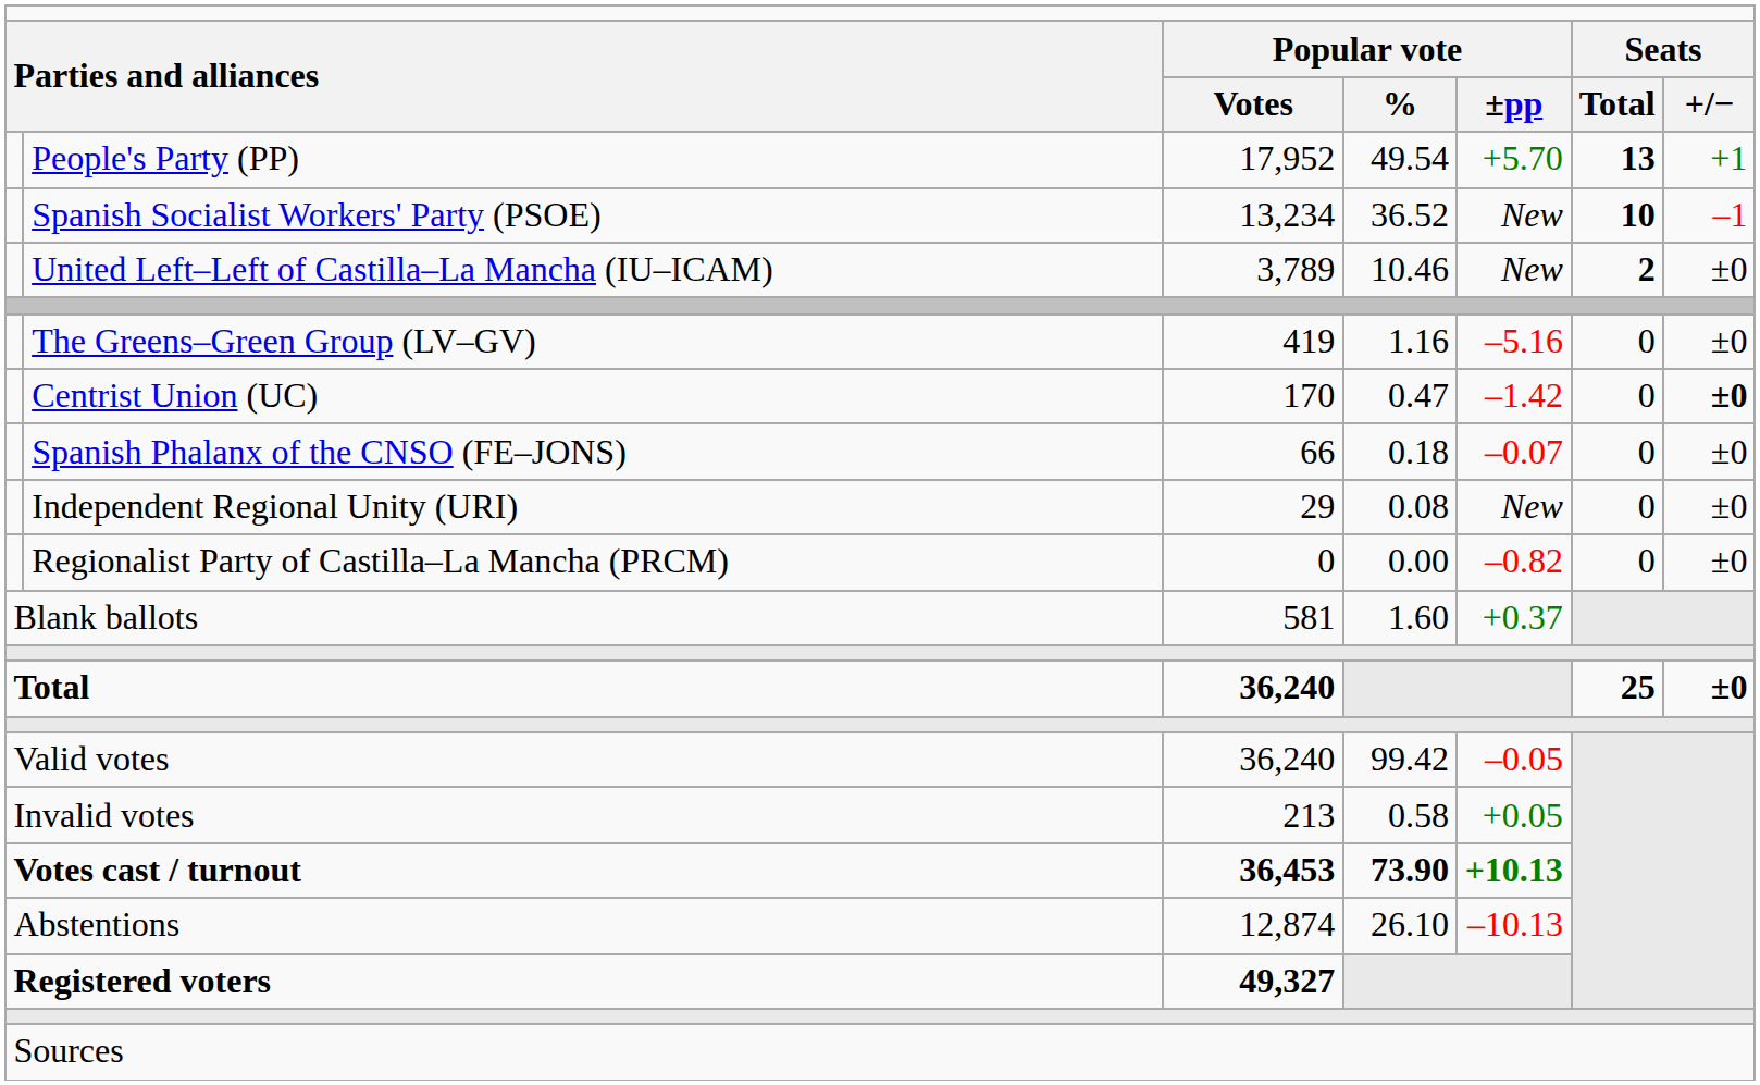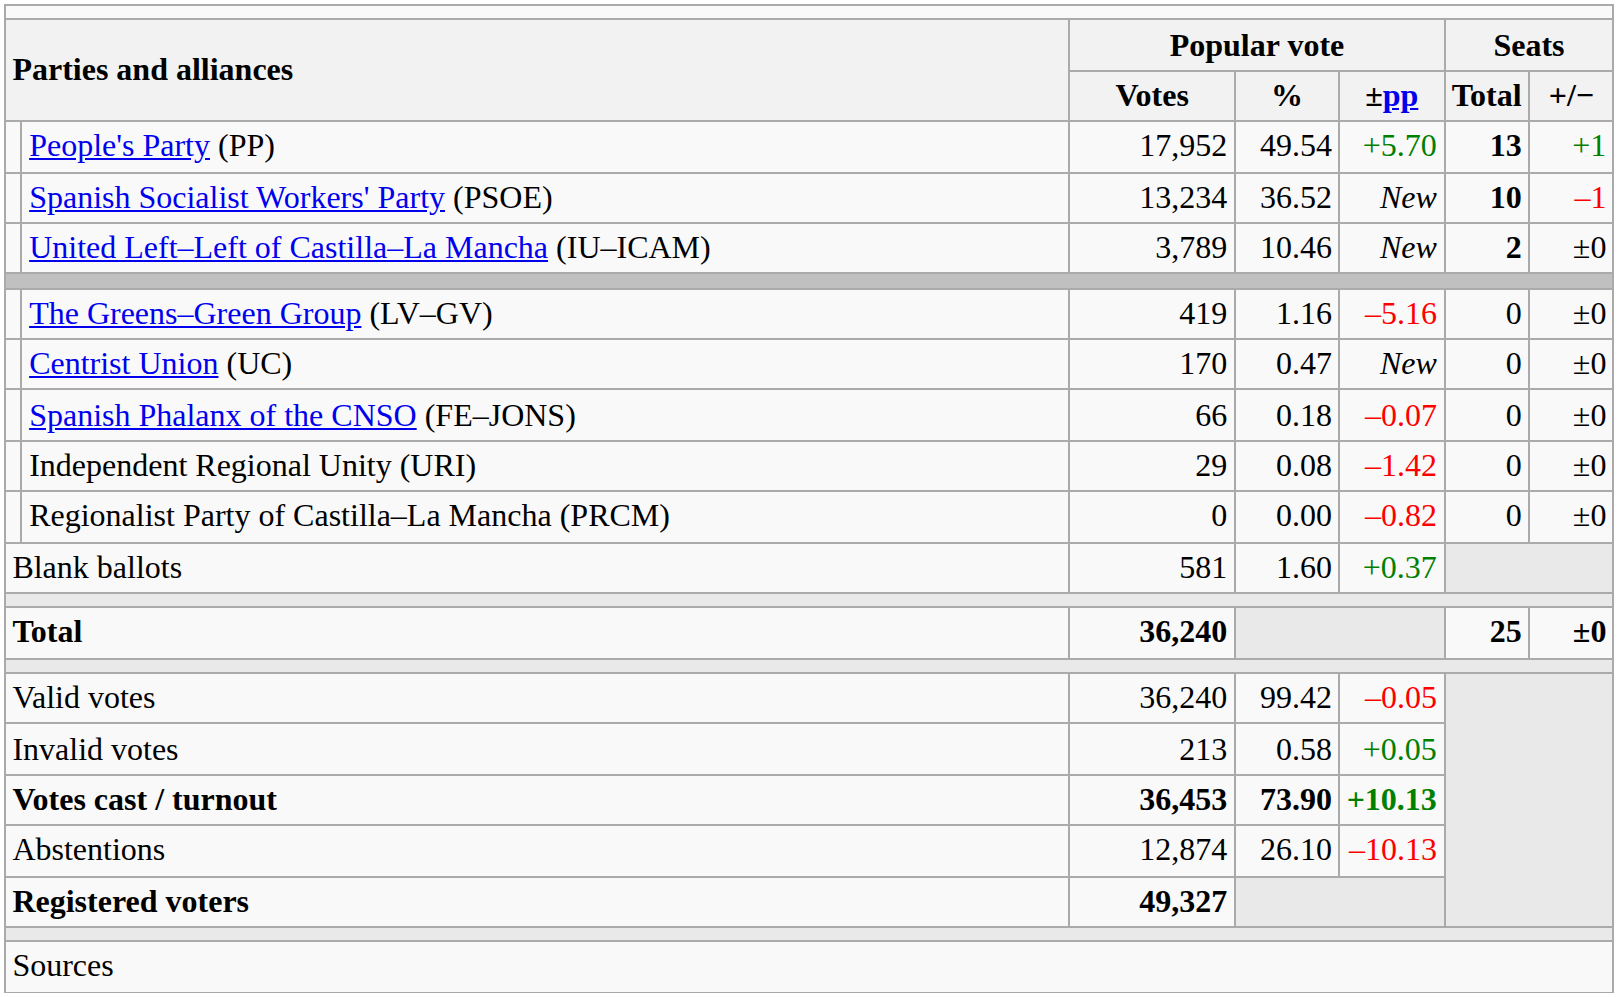 <table class="wikitable" style="text-align:right;">
 <tr>
 <td colspan="7"></td>
 </tr>
 <tr>
 <th style="text-align:left;" rowspan="2" colspan="2" width="525">Parties and alliances</th>
 <th colspan="3">Popular vote</th>
 <th colspan="2">Seats</th>
 </tr>
 <tr>
 <th width="75">Votes</th>
 <th width="45">%</th>
 <th width="45">±<a href='#'>pp</a></th>
 <th width="35">Total</th>
 <th width="35">+/−</th>
 </tr>
 <tr>
 <td width="1" style="color:inherit;background:"></td>
 <td align="left"><a href='#'>People's Party</a> (PP)</td>
 <td>17,952</td>
 <td>49.54</td>
 <td style="color:green;">+5.70</td>
 <td><strong>13</strong></td>
 <td style="color:green;">+1</td>
 </tr>
 <tr>
 <td style="color:inherit;background:"></td>
 <td align="left"><a href='#'>Spanish Socialist Workers' Party</a> (PSOE)</td>
 <td>13,234</td>
 <td>36.52</td>
 <td><em>New</em></td>
 <td><strong>10</strong></td>
 <td style="color:red;">–1</td>
 </tr>
 <tr>
 <td style="color:inherit;background:"></td>
 <td align="left"><a href='#'>United Left–Left of Castilla–La Mancha</a> (IU–ICAM)</td>
 <td>3,789</td>
 <td>10.46</td>
 <td><em>New</em></td>
 <td><strong>2</strong></td>
 <td>±0</td>
 </tr>
 <tr>
 <td colspan="7" bgcolor="#C0C0C0"></td>
 </tr>
 <tr>
 <td style="color:inherit;background:"></td>
 <td align="left"><a href='#'>The Greens–Green Group</a> (LV–GV)</td>
 <td>419</td>
 <td>1.16</td>
 <td style="color:red;">–5.16</td>
 <td>0</td>
 <td>±0</td>
 </tr>
 <tr>
 <td style="color:inherit;background:"></td>
 <td align="left"><a href='#'>Centrist Union</a> (UC)</td>
 <td>170</td>
 <td>0.47</td>
-<td style="color:red;">–1.42</td>
+<td><em>New</em></td>
 <td>0</td>
-<td><strong>±0</strong></td>
+<td>±0</td>
 </tr>
 <tr>
 <td style="color:inherit;background:"></td>
 <td align="left"><a href='#'>Spanish Phalanx of the CNSO</a> (FE–JONS)</td>
 <td>66</td>
 <td>0.18</td>
 <td style="color:red;">–0.07</td>
 <td>0</td>
 <td>±0</td>
 </tr>
 <tr>
 <td style="color:inherit;background:"></td>
 <td align="left">Independent Regional Unity (URI)</td>
 <td>29</td>
 <td>0.08</td>
-<td><em>New</em></td>
+<td style="color:red;">–1.42</td>
 <td>0</td>
 <td>±0</td>
 </tr>
 <tr>
 <td style="color:inherit;background:"></td>
 <td align="left">Regionalist Party of Castilla–La Mancha (PRCM)</td>
 <td>0</td>
 <td>0.00</td>
 <td style="color:red;">–0.82</td>
 <td>0</td>
 <td>±0</td>
 </tr>
 <tr>
 <td align="left" colspan="2">Blank ballots</td>
 <td>581</td>
 <td>1.60</td>
 <td style="color:green;">+0.37</td>
 <td bgcolor="#E9E9E9" colspan="2"></td>
 </tr>
 <tr>
 <td colspan="7" bgcolor="#E9E9E9"></td>
 </tr>
 <tr style="font-weight:bold;">
 <td align="left" colspan="2">Total</td>
 <td>36,240</td>
 <td bgcolor="#E9E9E9" colspan="2"></td>
 <td>25</td>
 <td>±0</td>
 </tr>
 <tr>
 <td colspan="7" bgcolor="#E9E9E9"></td>
 </tr>
 <tr>
 <td align="left" colspan="2">Valid votes</td>
 <td>36,240</td>
 <td>99.42</td>
 <td style="color:red;">–0.05</td>
 <td bgcolor="#E9E9E9" colspan="2" rowspan="5"></td>
 </tr>
 <tr>
 <td align="left" colspan="2">Invalid votes</td>
 <td>213</td>
 <td>0.58</td>
 <td style="color:green;">+0.05</td>
 </tr>
 <tr style="font-weight:bold;">
 <td align="left" colspan="2">Votes cast / turnout</td>
 <td>36,453</td>
 <td>73.90</td>
 <td style="color:green;">+10.13</td>
 </tr>
 <tr>
 <td align="left" colspan="2">Abstentions</td>
 <td>12,874</td>
 <td>26.10</td>
 <td style="color:red;">–10.13</td>
 </tr>
 <tr style="font-weight:bold;">
 <td align="left" colspan="2">Registered voters</td>
 <td>49,327</td>
 <td bgcolor="#E9E9E9" colspan="2"></td>
 </tr>
 <tr>
 <td colspan="7" bgcolor="#E9E9E9"></td>
 </tr>
 <tr>
 <td align="left" colspan="7">Sources</td>
 </tr>
 </table>
